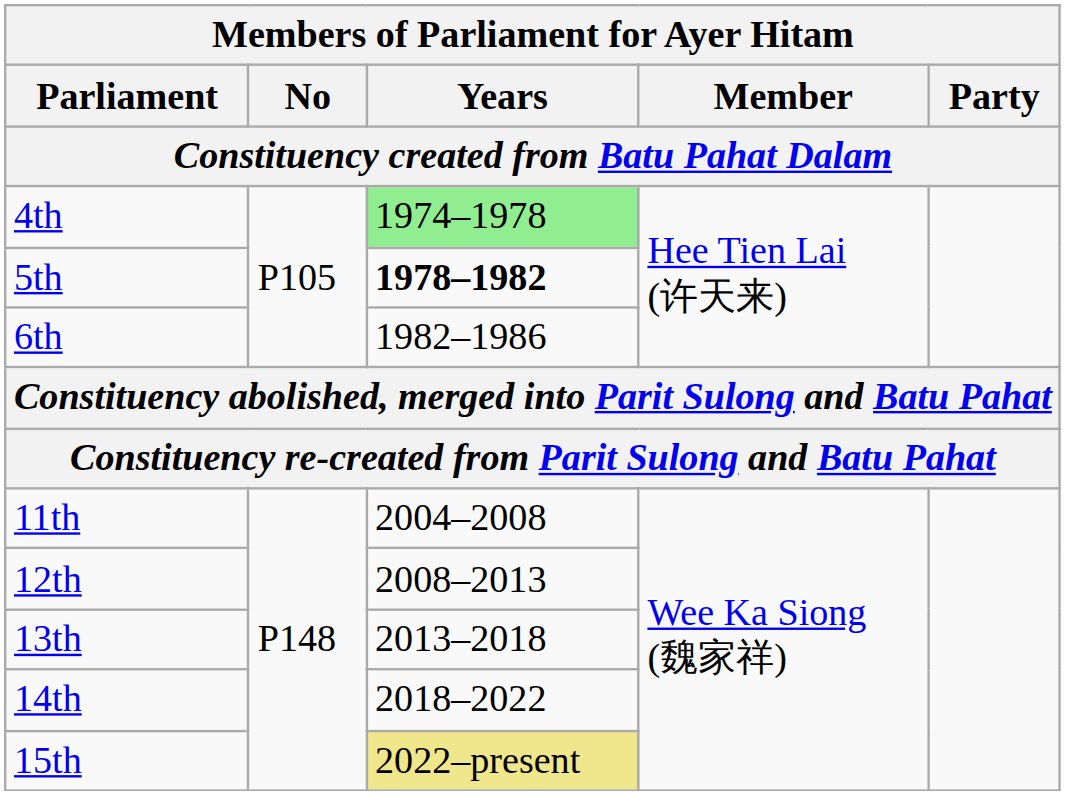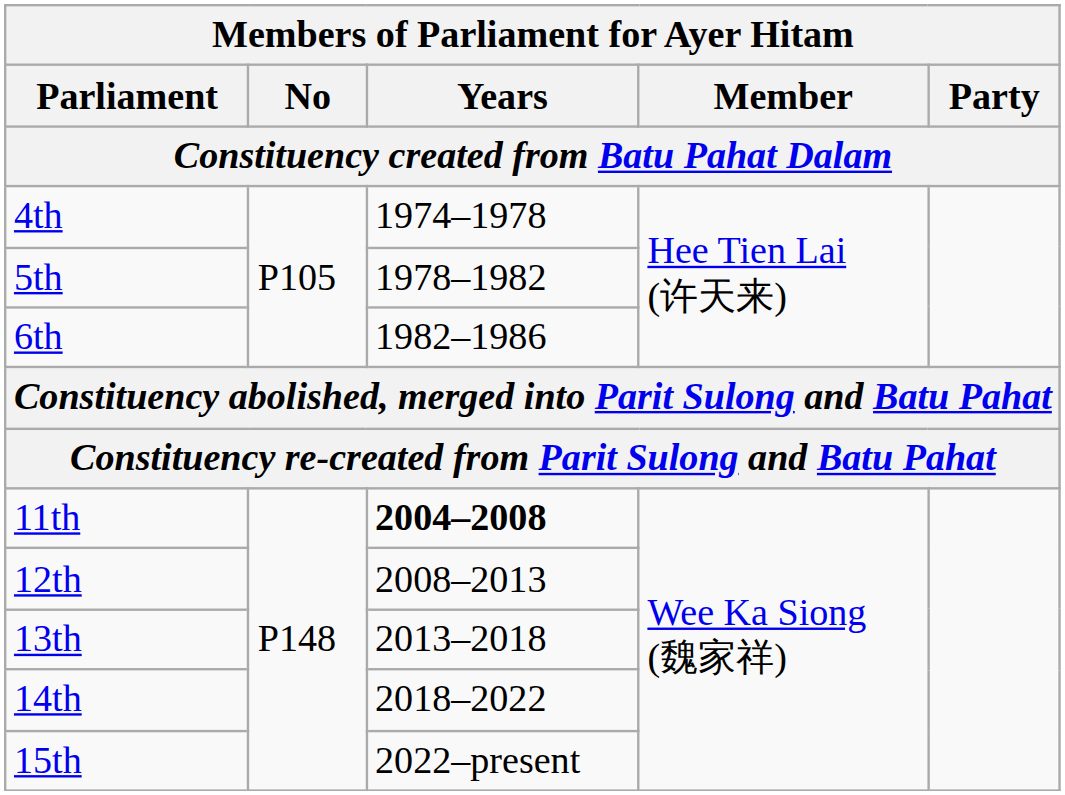 <table class=wikitable>
 <tr>
 <th colspan="5">Members of Parliament for Ayer Hitam</th>
 </tr>
 <tr>
 <th>Parliament</th>
 <th>No</th>
 <th>Years</th>
 <th>Member</th>
 <th>Party</th>
 </tr>
 <tr>
 <th colspan="5" align="center"><em>Constituency created from <a href='#'>Batu Pahat Dalam</a></em></th>
 </tr>
 <tr>
 <td><a href='#'>4th</a></td>
 <td rowspan="3">P105</td>
-<td style="background: lightgreen;">1974–1978</td>
+<td>1974–1978</td>
 <td rowspan=3><a href='#'>Hee Tien Lai</a> <br> (许天来)</td>
 <td rowspan="3"></td>
 </tr>
 <tr>
 <td><a href='#'>5th</a></td>
-<td><strong>1978–1982</strong></td>
+<td>1978–1982</td>
 </tr>
 <tr>
 <td><a href='#'>6th</a></td>
 <td>1982–1986</td>
 </tr>
 <tr>
 <th colspan="5" align="center"><em>Constituency abolished, merged into <a href='#'>Parit Sulong</a> and <a href='#'>Batu Pahat</a></em></th>
 </tr>
 <tr>
 <th colspan="5" align="center"><em>Constituency re-created from <a href='#'>Parit Sulong</a> and <a href='#'>Batu Pahat</a></em></th>
 </tr>
 <tr>
 <td><a href='#'>11th</a></td>
 <td rowspan="5">P148</td>
-<td>2004–2008</td>
+<td><strong>2004–2008</strong></td>
 <td rowspan="5"><a href='#'>Wee Ka Siong</a> <br> (魏家祥)</td>
 <td rowspan="5"></td>
 </tr>
 <tr>
 <td><a href='#'>12th</a></td>
 <td>2008–2013</td>
 </tr>
 <tr>
 <td><a href='#'>13th</a></td>
 <td>2013–2018</td>
 </tr>
 <tr>
 <td><a href='#'>14th</a></td>
 <td>2018–2022</td>
 </tr>
 <tr>
 <td><a href='#'>15th</a></td>
-<td style="background: khaki;">2022–present</td>
+<td>2022–present</td>
 </tr>
 </table>
